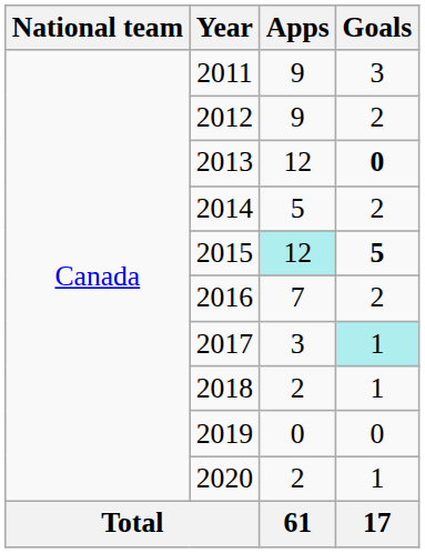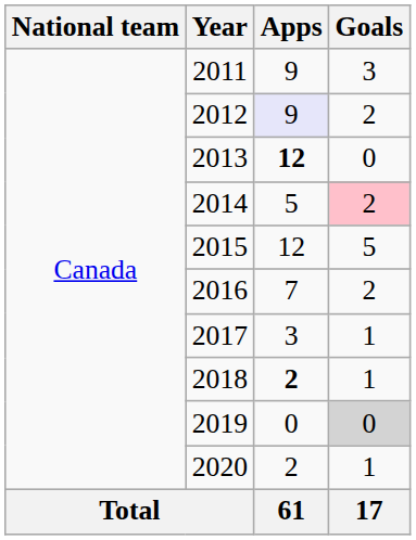 <table class="wikitable" style="text-align:center">
 <tr>
 <th>National team</th>
 <th>Year</th>
 <th>Apps</th>
 <th>Goals</th>
 </tr>
 <tr>
 <td rowspan="10"><a href='#'>Canada</a></td>
 <td>2011</td>
 <td>9</td>
 <td>3</td>
 </tr>
 <tr>
 <td>2012</td>
-<td>9</td>
+<td style="background: lavender;">9</td>
 <td>2</td>
 </tr>
 <tr>
 <td>2013</td>
-<td>12</td>
-<td><strong>0</strong></td>
+<td><strong>12</strong></td>
+<td>0</td>
 </tr>
 <tr>
 <td>2014</td>
 <td>5</td>
-<td>2</td>
+<td style="background: pink;">2</td>
 </tr>
 <tr>
 <td>2015</td>
-<td style="background: paleturquoise;">12</td>
-<td><strong>5</strong></td>
+<td>12</td>
+<td>5</td>
 </tr>
 <tr>
 <td>2016</td>
 <td>7</td>
 <td>2</td>
 </tr>
 <tr>
 <td>2017</td>
 <td>3</td>
-<td style="background: paleturquoise;">1</td>
+<td>1</td>
 </tr>
 <tr>
 <td>2018</td>
-<td>2</td>
+<td><strong>2</strong></td>
 <td>1</td>
 </tr>
 <tr>
 <td>2019</td>
 <td>0</td>
-<td>0</td>
+<td style="background: lightgrey;">0</td>
 </tr>
 <tr>
 <td>2020</td>
 <td>2</td>
 <td>1</td>
 </tr>
 <tr>
 <th colspan="2">Total</th>
 <th>61</th>
 <th>17</th>
 </tr>
 </table>
